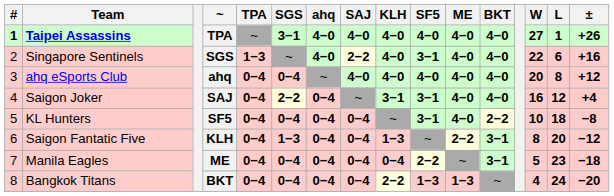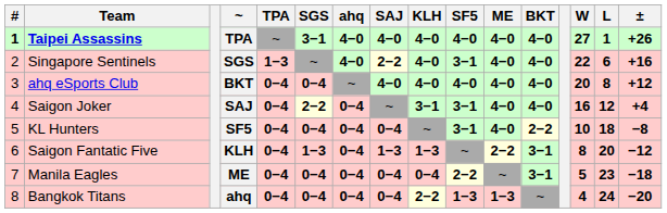 <table class="wikitable" style="text-align: center">
 <tr>
 <th width="15">#</th>
 <th style="width:200px;">Team</th>
 <th rowspan="10" style="width:5px;;"></th>
 <th>~</th>
 <th style="width:35px;" title="">TPA</th>
 <th style="width:35px;" title="">SGS</th>
 <th style="width:35px;" title="">ahq</th>
 <th style="width:35px;" title="">SAJ</th>
 <th style="width:35px;" title="">KLH</th>
 <th style="width:35px;" title="">SF5</th>
 <th style="width:35px;" title="">ME</th>
 <th style="width:35px;" title="">BKT</th>
 <th rowspan="10" style="width:5px;;"></th>
 <th style="width:20px;" title="Wins">W</th>
 <th style="width:20px;" title="Losses">L</th>
 <th style="width:40px;">±</th>
 </tr>
 <tr style="background:#cfc;">
 <td><strong>1</strong></td>
 <td style="text-align: left"> <strong><a href='#'>Taipei Assassins</a></strong></td>
 <th>TPA</th>
 <td style="background-color:#aaaaaa">~</td>
 <td style="background-color:#ccffcc"><strong>3−1</strong></td>
 <td style="background-color:#ccffcc"><strong>4−0</strong></td>
 <td style="background-color:#ccffcc"><strong>4−0</strong></td>
 <td style="background-color:#ccffcc"><strong>4−0</strong></td>
 <td style="background-color:#ccffcc"><strong>4−0</strong></td>
 <td style="background-color:#ccffcc"><strong>4−0</strong></td>
 <td style="background-color:#ccffcc"><strong>4−0</strong></td>
 <td><strong>27</strong></td>
 <td><strong>1</strong></td>
 <td><strong>+26</strong></td>
 </tr>
 <tr style="background-color:#ffcccc">
 <td>2</td>
 <td style="text-align: left">  ⁠Singapore Sentinels</td>
 <th>SGS</th>
 <td style="background-color:#ffcccc"><strong>1−3</strong></td>
 <td style="background-color:#aaaaaa">~</td>
 <td style="background-color:#ccffcc"><strong>4−0</strong></td>
 <td style="background-color:#ffd;"><strong>2−2</strong></td>
 <td style="background-color:#ccffcc"><strong>4−0</strong></td>
 <td style="background-color:#ccffcc"><strong>3−1</strong></td>
 <td style="background-color:#ccffcc"><strong>4−0</strong></td>
 <td style="background-color:#ccffcc"><strong>4−0</strong></td>
 <td><strong>22</strong></td>
 <td><strong>6</strong></td>
 <td><strong>+16</strong></td>
 </tr>
 <tr style="background-color:#ffcccc">
 <td>3</td>
 <td style="text-align: left"> <a href='#'>ahq eSports Club</a></td>
-<th>ahq</th>
+<th>BKT</th>
 <td style="background-color:#ffcccc"><strong>0−4</strong></td>
 <td style="background-color:#ffcccc"><strong>0−4</strong></td>
 <td style="background-color:#aaaaaa">~</td>
 <td style="background-color:#ccffcc"><strong>4−0</strong></td>
 <td style="background-color:#ccffcc"><strong>4−0</strong></td>
 <td style="background-color:#ccffcc"><strong>4−0</strong></td>
 <td style="background-color:#ccffcc"><strong>4−0</strong></td>
 <td style="background-color:#ccffcc"><strong>4−0</strong></td>
 <td><strong>20</strong></td>
 <td><strong>8</strong></td>
 <td><strong>+12</strong></td>
 </tr>
 <tr style="background-color:#ffcccc">
 <td>4</td>
 <td style="text-align: left"> Saigon Joker</td>
 <th>SAJ</th>
 <td style="background-color:#ffcccc"><strong>0−4</strong></td>
 <td style="background-color:#ffd;"><strong>2−2</strong></td>
 <td style="background-color:#ffcccc"><strong>0−4</strong></td>
 <td style="background-color:#aaaaaa">~</td>
 <td style="background-color:#ccffcc"><strong>3−1</strong></td>
 <td style="background-color:#ccffcc"><strong>3−1</strong></td>
 <td style="background-color:#ccffcc"><strong>4−0</strong></td>
 <td style="background-color:#ccffcc"><strong>4−0</strong></td>
 <td><strong>16</strong></td>
 <td><strong>12</strong></td>
 <td><strong>+4</strong></td>
 </tr>
 <tr style="background-color:#ffcccc">
 <td>5</td>
 <td style="text-align: left"> ⁠KL Hunters</td>
 <th>SF5</th>
 <td style="background-color:#ffcccc"><strong>0−4</strong></td>
 <td style="background-color:#ffcccc"><strong>0−4</strong></td>
 <td style="background-color:#ffcccc"><strong>0−4</strong></td>
 <td style="background-color:#ffcccc"><strong>0−4</strong></td>
 <td style="background-color:#aaaaaa">~</td>
 <td style="background-color:#ccffcc"><strong>3−1</strong></td>
 <td style="background-color:#ccffcc"><strong>4−0</strong></td>
 <td style="background-color:#ffd;"><strong>2−2</strong></td>
 <td><strong>10</strong></td>
 <td><strong>18</strong></td>
 <td><strong>−8</strong></td>
 </tr>
 <tr style="background-color:#ffcccc">
 <td>6</td>
 <td style="text-align: left"> Saigon Fantatic Five</td>
 <th>KLH</th>
 <td style="background-color:#ffcccc"><strong>0−4</strong></td>
 <td style="background-color:#ffcccc"><strong>1−3</strong></td>
 <td style="background-color:#ffcccc"><strong>0−4</strong></td>
-<td style="background-color:#ffcccc"><strong>0−4</strong></td>
+<td style="background-color:#ffcccc"><strong>1−3</strong></td>
 <td style="background-color:#ffcccc"><strong>1−3</strong></td>
 <td style="background-color:#aaaaaa">~</td>
 <td style="background-color:#ffd;"><strong>2−2</strong></td>
 <td style="background-color:#ccffcc"><strong>3−1</strong></td>
 <td><strong>8</strong></td>
 <td><strong>20</strong></td>
 <td><strong>−12</strong></td>
 </tr>
 <tr style="background-color:#ffcccc">
 <td>7</td>
 <td style="text-align: left"> Manila Eagles</td>
 <th>ME</th>
 <td style="background-color:#ffcccc"><strong>0−4</strong></td>
 <td style="background-color:#ffcccc"><strong>0−4</strong></td>
 <td style="background-color:#ffcccc"><strong>0−4</strong></td>
 <td style="background-color:#ffcccc"><strong>0−4</strong></td>
 <td style="background-color:#ffcccc"><strong>0−4</strong></td>
 <td style="background-color:#ffd;"><strong>2−2</strong></td>
 <td style="background-color:#aaaaaa">~</td>
 <td style="background-color:#ccffcc"><strong>3−1</strong></td>
 <td><strong>5</strong></td>
 <td><strong>23</strong></td>
 <td><strong>−18</strong></td>
 </tr>
 <tr style="background-color:#ffcccc">
 <td>8</td>
 <td style="text-align: left"> ⁠Bangkok Titans</td>
-<th>BKT</th>
+<th>ahq</th>
 <td style="background-color:#ffcccc"><strong>0−4</strong></td>
 <td style="background-color:#ffcccc"><strong>0−4</strong></td>
 <td style="background-color:#ffcccc"><strong>0−4</strong></td>
 <td style="background-color:#ffcccc"><strong>0−4</strong></td>
 <td style="background-color:#ffd;"><strong>2−2</strong></td>
 <td style="background-color:#ffcccc"><strong>1−3</strong></td>
 <td style="background-color:#ffcccc"><strong>1−3</strong></td>
 <td style="background-color:#aaaaaa">~</td>
 <td><strong>4</strong></td>
 <td><strong>24</strong></td>
 <td><strong>−20</strong></td>
 </tr>
 </table>
